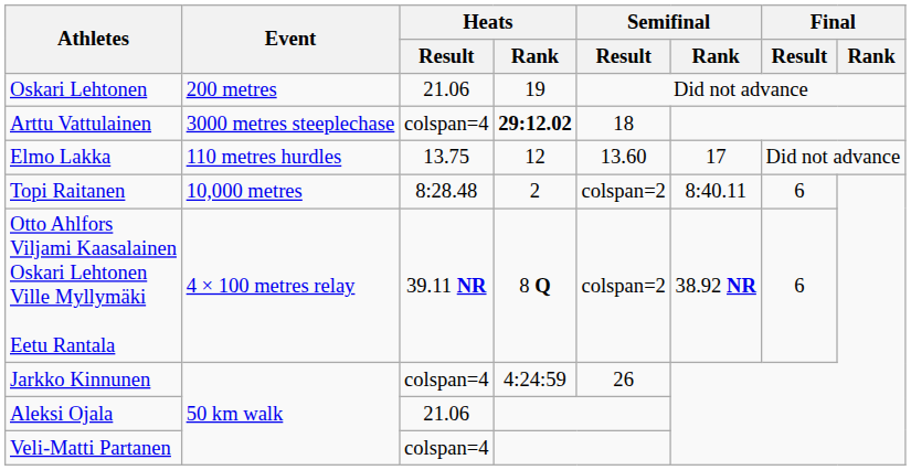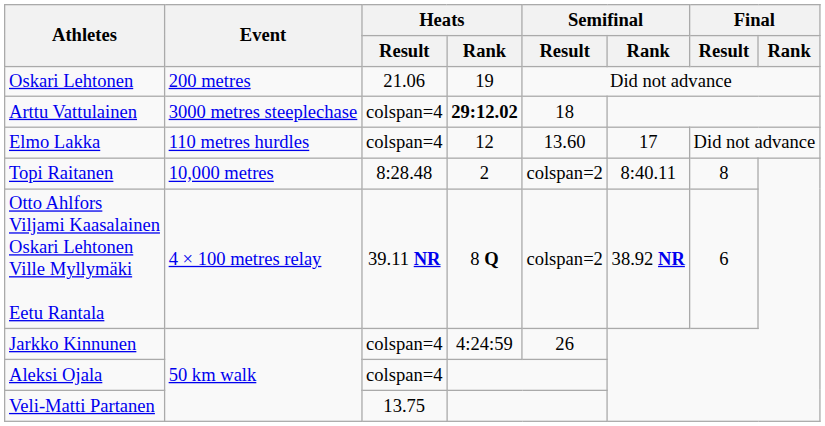 <table class="wikitable" border="1" style="font-size:90%">
 <tr>
 <th rowspan="2">Athletes</th>
 <th rowspan="2">Event</th>
 <th colspan="2">Heats</th>
 <th colspan="2">Semifinal</th>
 <th colspan="2">Final</th>
 </tr>
 <tr>
 <th>Result</th>
 <th>Rank</th>
 <th>Result</th>
 <th>Rank</th>
 <th>Result</th>
 <th>Rank</th>
 </tr>
 <tr>
 <td><a href='#'>Oskari Lehtonen</a></td>
 <td><a href='#'>200 metres</a></td>
 <td align=center>21.06</td>
 <td align=center>19</td>
 <td colspan=4 align=center>Did not advance</td>
 </tr>
 <tr>
 <td><a href='#'>Arttu Vattulainen</a></td>
 <td><a href='#'>3000 metres steeplechase</a></td>
 <td>colspan=4</td>
 <td align=center><strong>29:12.02</strong></td>
 <td align=center>18</td>
 </tr>
 <tr>
 <td><a href='#'>Elmo Lakka</a></td>
 <td><a href='#'>110 metres hurdles</a></td>
-<td align=center>13.75</td>
+<td>colspan=4</td>
 <td align=center>12 <strong></strong></td>
 <td align=center>13.60</td>
 <td align=center>17 <strong></strong></td>
 <td colspan=2 align=center>Did not advance</td>
 </tr>
 <tr>
 <td><a href='#'>Topi Raitanen</a></td>
 <td><a href='#'>10,000 metres</a></td>
 <td align=center>8:28.48 <strong></strong></td>
 <td align=center>2 <strong></strong></td>
 <td>colspan=2</td>
 <td align=center>8:40.11</td>
-<td align=center>6</td>
+<td align=center>8</td>
 </tr>
 <tr>
 <td><a href='#'>Otto Ahlfors</a><br><a href='#'>Viljami Kaasalainen</a><br><a href='#'>Oskari Lehtonen</a><br><a href='#'>Ville Myllymäki</a><br><br><a href='#'>Eetu Rantala</a></td>
 <td><a href='#'>4 × 100 metres relay</a></td>
 <td align=center>39.11 <strong><a href='#'>NR</a></strong></td>
 <td align=center>8 <strong>Q</strong></td>
 <td>colspan=2</td>
 <td align=center>38.92 <strong><a href='#'>NR</a></strong></td>
 <td align=center>6</td>
 </tr>
 <tr>
 <td><a href='#'>Jarkko Kinnunen</a></td>
 <td rowspan=3><a href='#'>50 km walk</a></td>
 <td>colspan=4</td>
 <td align=center>4:24:59</td>
 <td align=center>26</td>
 </tr>
 <tr>
 <td><a href='#'>Aleksi Ojala</a></td>
-<td align=center>21.06</td>
+<td>colspan=4</td>
 <td colspan=2 align=center></td>
 </tr>
 <tr>
 <td><a href='#'>Veli-Matti Partanen</a></td>
-<td>colspan=4</td>
+<td align=center>13.75</td>
 <td colspan=2 align=center></td>
 </tr>
 </table>
